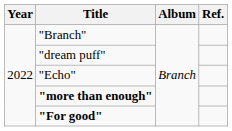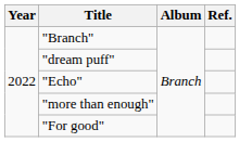 <table class="wikitable" border="1">
 <tr>
 <th rowspan="1">Year</th>
 <th rowspan="1">Title</th>
 <th rowspan="1">Album</th>
 <th rowspan="1">Ref.</th>
 </tr>
 <tr>
 <td rowspan="5">2022</td>
 <td align="left">"Branch"</td>
 <td rowspan="5"><em>Branch</em></td>
 <td align="center"></td>
 </tr>
 <tr>
 <td align="left">"dream puff"</td>
 <td align="center"></td>
 </tr>
 <tr>
 <td align="left">"Echo"</td>
 <td align="center"></td>
 </tr>
 <tr>
-<td align="left"><strong>"more than enough"</strong></td>
+<td align="left">"more than enough"</td>
 <td align="center"></td>
 </tr>
 <tr>
-<td align="left"><strong>"For good"</strong></td>
+<td align="left">"For good"</td>
 <td align="center"></td>
 </tr>
 </table>
